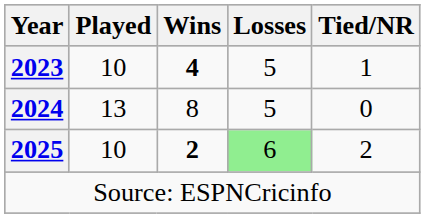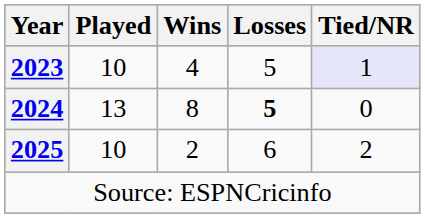 <table class="wikitable" style="text-align:center;">
 <tr>
 <th>Year</th>
 <th>Played</th>
 <th>Wins</th>
 <th>Losses</th>
 <th>Tied/NR</th>
 </tr>
 <tr>
 <th><a href='#'>2023</a></th>
 <td>10</td>
-<td><strong>4</strong></td>
+<td>4</td>
 <td>5</td>
-<td>1</td>
+<td style="background: lavender;">1</td>
 </tr>
 <tr>
 <th><a href='#'>2024</a></th>
 <td>13</td>
 <td>8</td>
-<td>5</td>
+<td><strong>5</strong></td>
 <td>0</td>
 </tr>
 <tr>
 <th><a href='#'>2025</a></th>
 <td>10</td>
-<td><strong>2</strong></td>
-<td style="background: lightgreen;">6</td>
+<td>2</td>
+<td>6</td>
 <td>2</td>
 </tr>
 <tr>
 <td colspan="5">Source: ESPNCricinfo</td>
 </tr>
 </table>
